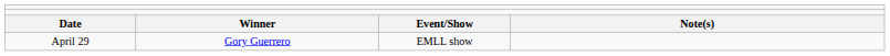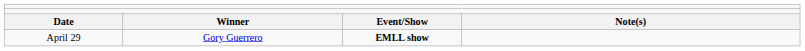 <table class="wikitable" style="text-align:center; width:100%;">
 <tr>
 <td colspan=5></td>
 </tr>
 <tr>
 <td colspan=5><strong></strong></td>
 </tr>
 <tr>
 <th width=14%>Date</th>
 <th width=26%>Winner</th>
 <th width=14%>Event/Show</th>
 <th width=40%>Note(s)</th>
 </tr>
 <tr>
 <td>April 29</td>
 <td><a href='#'>Gory Guerrero</a></td>
-<td>EMLL show</td>
+<td><strong>EMLL show</strong></td>
 <td align=left></td>
 </tr>
 </table>
